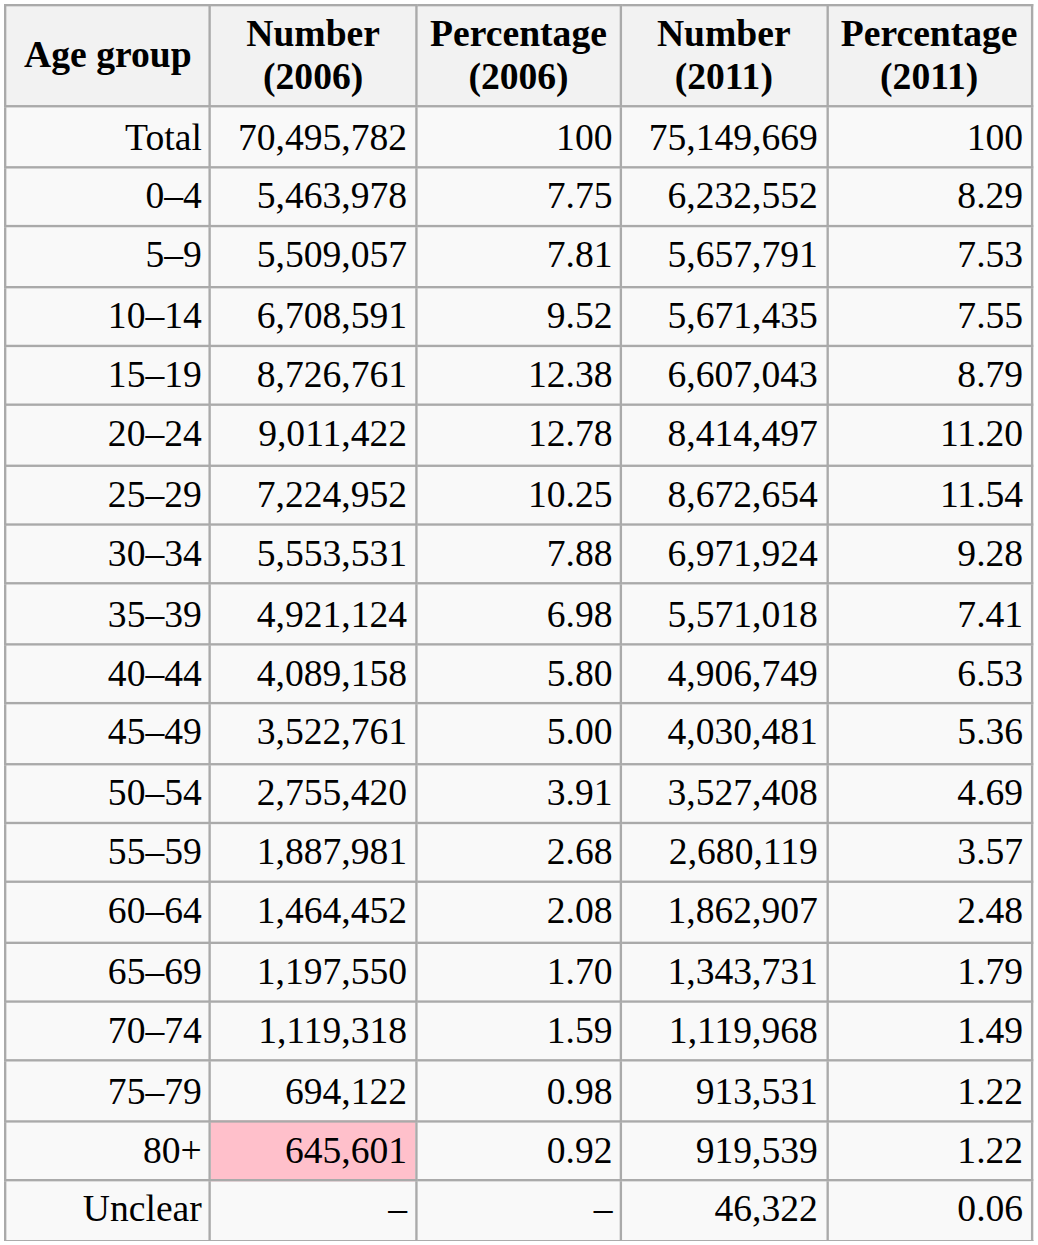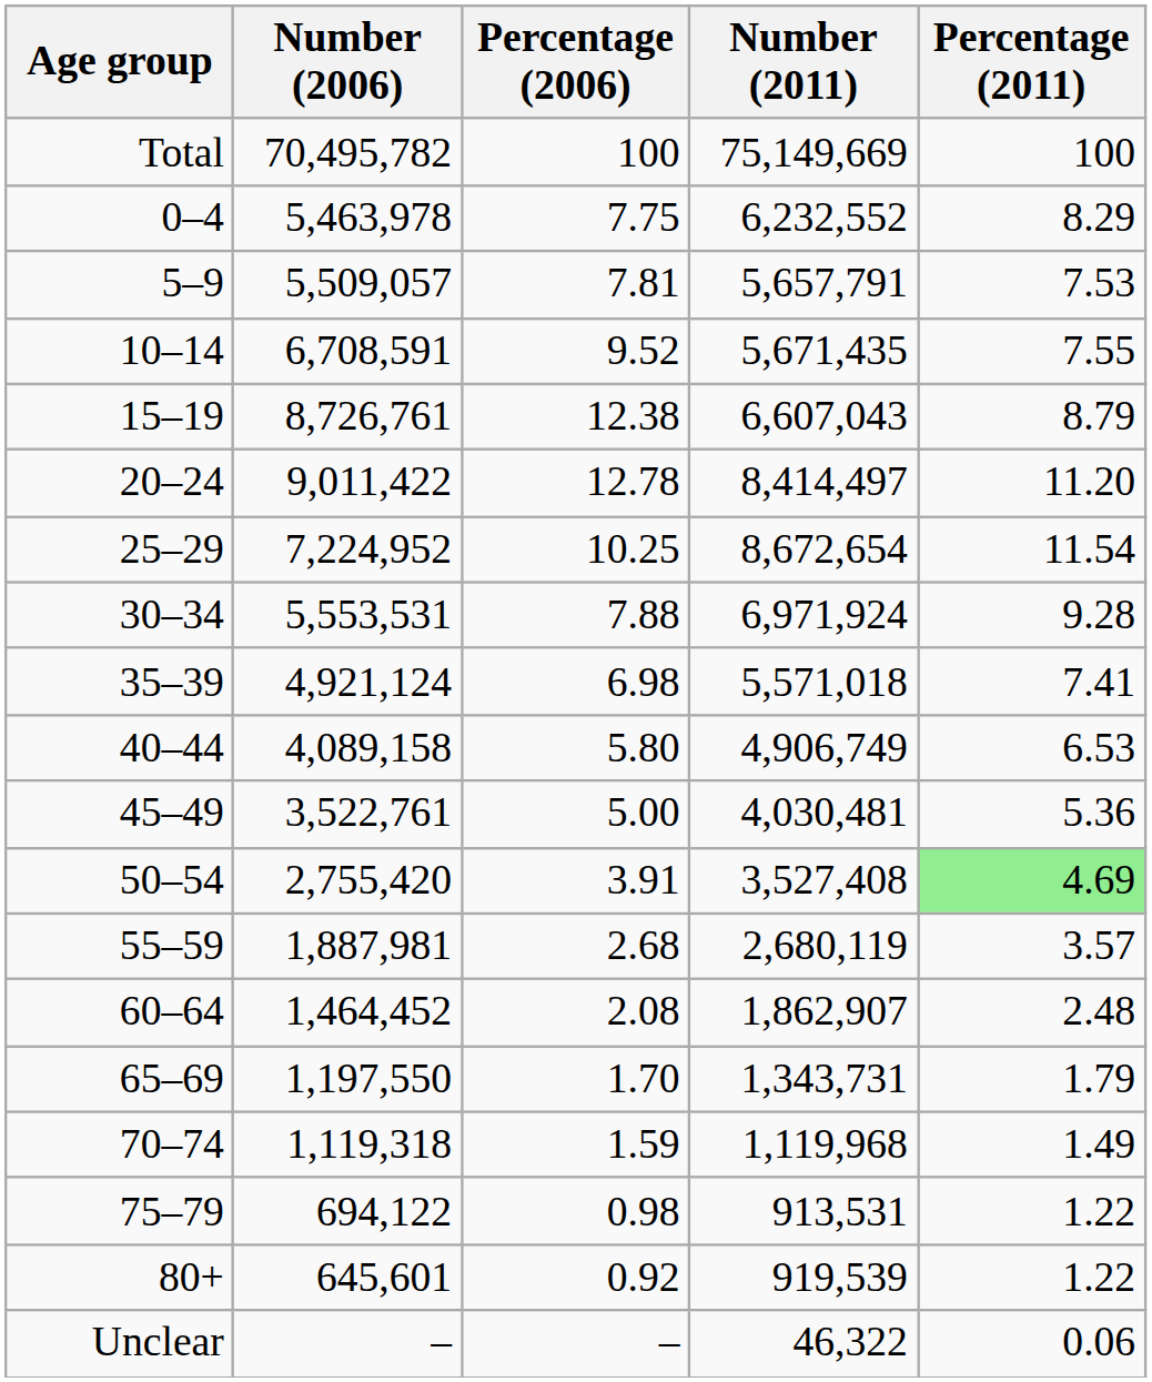 <table class="wikitable sortable">
 <tr>
 <th width="80pt">Age group</th>
 <th width="80pt">Number (2006)</th>
 <th width="80pt">Percentage (2006)</th>
 <th width="80pt">Number (2011)</th>
 <th width="80pt">Percentage (2011)</th>
 </tr>
 <tr>
 <td align="right">Total</td>
 <td align="right">70,495,782</td>
 <td align="right">100</td>
 <td align="right">75,149,669</td>
 <td align="right">100</td>
 </tr>
 <tr>
 <td align="right">0–4</td>
 <td align="right">5,463,978</td>
 <td align="right">7.75</td>
 <td align="right">6,232,552</td>
 <td align="right">8.29</td>
 </tr>
 <tr>
 <td align="right">5–9</td>
 <td align="right">5,509,057</td>
 <td align="right">7.81</td>
 <td align="right">5,657,791</td>
 <td align="right">7.53</td>
 </tr>
 <tr>
 <td align="right">10–14</td>
 <td align="right">6,708,591</td>
 <td align="right">9.52</td>
 <td align="right">5,671,435</td>
 <td align="right">7.55</td>
 </tr>
 <tr>
 <td align="right">15–19</td>
 <td align="right">8,726,761</td>
 <td align="right">12.38</td>
 <td align="right">6,607,043</td>
 <td align="right">8.79</td>
 </tr>
 <tr>
 <td align="right">20–24</td>
 <td align="right">9,011,422</td>
 <td align="right">12.78</td>
 <td align="right">8,414,497</td>
 <td align="right">11.20</td>
 </tr>
 <tr>
 <td align="right">25–29</td>
 <td align="right">7,224,952</td>
 <td align="right">10.25</td>
 <td align="right">8,672,654</td>
 <td align="right">11.54</td>
 </tr>
 <tr>
 <td align="right">30–34</td>
 <td align="right">5,553,531</td>
 <td align="right">7.88</td>
 <td align="right">6,971,924</td>
 <td align="right">9.28</td>
 </tr>
 <tr>
 <td align="right">35–39</td>
 <td align="right">4,921,124</td>
 <td align="right">6.98</td>
 <td align="right">5,571,018</td>
 <td align="right">7.41</td>
 </tr>
 <tr>
 <td align="right">40–44</td>
 <td align="right">4,089,158</td>
 <td align="right">5.80</td>
 <td align="right">4,906,749</td>
 <td align="right">6.53</td>
 </tr>
 <tr>
 <td align="right">45–49</td>
 <td align="right">3,522,761</td>
 <td align="right">5.00</td>
 <td align="right">4,030,481</td>
 <td align="right">5.36</td>
 </tr>
 <tr>
 <td align="right">50–54</td>
 <td align="right">2,755,420</td>
 <td align="right">3.91</td>
 <td align="right">3,527,408</td>
-<td align="right">4.69</td>
+<td align="right" style="background: lightgreen;">4.69</td>
 </tr>
 <tr>
 <td align="right">55–59</td>
 <td align="right">1,887,981</td>
 <td align="right">2.68</td>
 <td align="right">2,680,119</td>
 <td align="right">3.57</td>
 </tr>
 <tr>
 <td align="right">60–64</td>
 <td align="right">1,464,452</td>
 <td align="right">2.08</td>
 <td align="right">1,862,907</td>
 <td align="right">2.48</td>
 </tr>
 <tr>
 <td align="right">65–69</td>
 <td align="right">1,197,550</td>
 <td align="right">1.70</td>
 <td align="right">1,343,731</td>
 <td align="right">1.79</td>
 </tr>
 <tr>
 <td align="right">70–74</td>
 <td align="right">1,119,318</td>
 <td align="right">1.59</td>
 <td align="right">1,119,968</td>
 <td align="right">1.49</td>
 </tr>
 <tr>
 <td align="right">75–79</td>
 <td align="right">694,122</td>
 <td align="right">0.98</td>
 <td align="right">913,531</td>
 <td align="right">1.22</td>
 </tr>
 <tr>
 <td align="right">80+</td>
-<td align="right" style="background: pink;">645,601</td>
+<td align="right">645,601</td>
 <td align="right">0.92</td>
 <td align="right">919,539</td>
 <td align="right">1.22</td>
 </tr>
 <tr>
 <td align="right">Unclear</td>
 <td align="right">–</td>
 <td align="right">–</td>
 <td align="right">46,322</td>
 <td align="right">0.06</td>
 </tr>
 <tr>
 </tr>
 </table>
